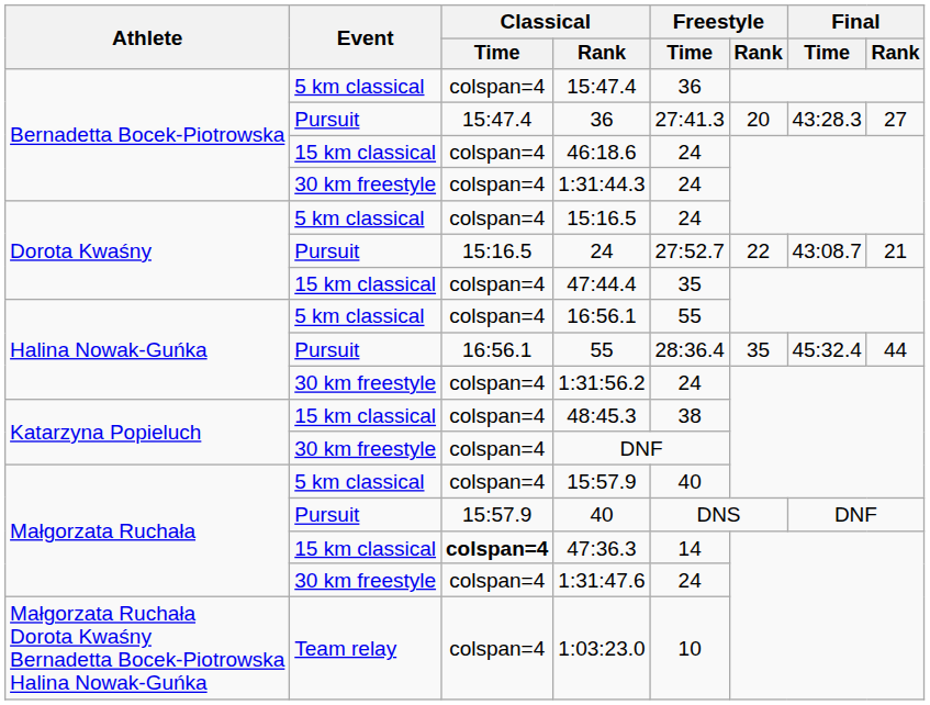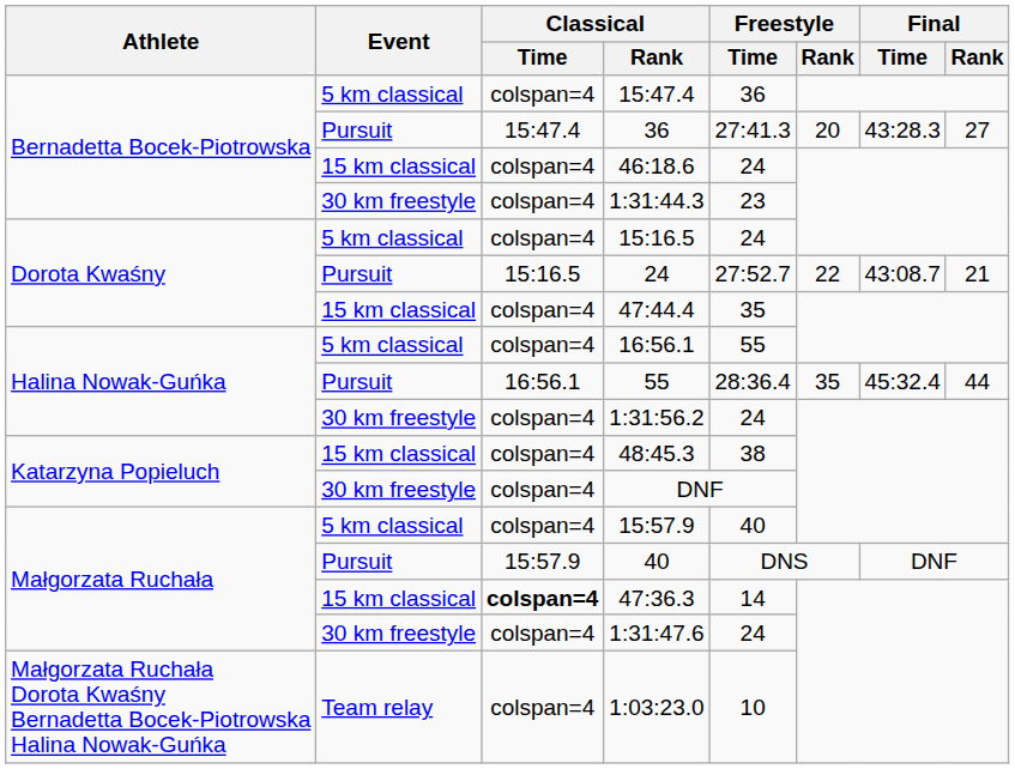 <table class="wikitable" style="font-size:90%">
 <tr>
 <th rowspan=2>Athlete</th>
 <th rowspan=2>Event</th>
 <th colspan=2>Classical</th>
 <th colspan=2>Freestyle</th>
 <th colspan=2>Final</th>
 </tr>
 <tr style="font-size: 95%">
 <th>Time</th>
 <th>Rank</th>
 <th>Time</th>
 <th>Rank</th>
 <th>Time</th>
 <th>Rank</th>
 </tr>
 <tr align=center>
 <td align=left rowspan=4><a href='#'>Bernadetta Bocek-Piotrowska</a></td>
 <td align=left><a href='#'>5 km classical</a></td>
 <td>colspan=4 </td>
 <td>15:47.4</td>
 <td>36</td>
 </tr>
 <tr align=center>
 <td align=left><a href='#'>Pursuit</a></td>
 <td>15:47.4</td>
 <td>36</td>
 <td>27:41.3</td>
 <td>20</td>
 <td>43:28.3</td>
 <td>27</td>
 </tr>
 <tr align=center>
 <td align=left rowspan=1><a href='#'>15 km classical</a></td>
 <td>colspan=4 </td>
 <td>46:18.6</td>
 <td>24</td>
 </tr>
 <tr align=center>
 <td align=left rowspan=1><a href='#'>30 km freestyle</a></td>
 <td>colspan=4 </td>
 <td>1:31:44.3</td>
-<td>24</td>
+<td>23</td>
 </tr>
 <tr align=center>
 <td align=left rowspan=3><a href='#'>Dorota Kwaśny</a></td>
 <td align=left><a href='#'>5 km classical</a></td>
 <td>colspan=4 </td>
 <td>15:16.5</td>
 <td>24</td>
 </tr>
 <tr align=center>
 <td align=left><a href='#'>Pursuit</a></td>
 <td>15:16.5</td>
 <td>24</td>
 <td>27:52.7</td>
 <td>22</td>
 <td>43:08.7</td>
 <td>21</td>
 </tr>
 <tr align=center>
 <td align=left rowspan=1><a href='#'>15 km classical</a></td>
 <td>colspan=4 </td>
 <td>47:44.4</td>
 <td>35</td>
 </tr>
 <tr align=center>
 <td align=left rowspan=3><a href='#'>Halina Nowak-Guńka</a></td>
 <td align=left><a href='#'>5 km classical</a></td>
 <td>colspan=4 </td>
 <td>16:56.1</td>
 <td>55</td>
 </tr>
 <tr align=center>
 <td align=left><a href='#'>Pursuit</a></td>
 <td>16:56.1</td>
 <td>55</td>
 <td>28:36.4</td>
 <td>35</td>
 <td>45:32.4</td>
 <td>44</td>
 </tr>
 <tr align=center>
 <td align=left rowspan=1><a href='#'>30 km freestyle</a></td>
 <td>colspan=4 </td>
 <td>1:31:56.2</td>
 <td>24</td>
 </tr>
 <tr align=center>
 <td align=left rowspan=2><a href='#'>Katarzyna Popieluch</a></td>
 <td align=left rowspan=1><a href='#'>15 km classical</a></td>
 <td>colspan=4 </td>
 <td>48:45.3</td>
 <td>38</td>
 </tr>
 <tr align=center>
 <td align=left rowspan=1><a href='#'>30 km freestyle</a></td>
 <td>colspan=4 </td>
 <td colspan=2>DNF</td>
 </tr>
 <tr align=center>
 <td align=left rowspan=4><a href='#'>Małgorzata Ruchała</a></td>
 <td align=left><a href='#'>5 km classical</a></td>
 <td>colspan=4 </td>
 <td>15:57.9</td>
 <td>40</td>
 </tr>
 <tr align=center>
 <td align=left><a href='#'>Pursuit</a></td>
 <td>15:57.9</td>
 <td>40</td>
 <td colspan=2>DNS</td>
 <td colspan=2>DNF</td>
 </tr>
 <tr align=center>
 <td align=left rowspan=1><a href='#'>15 km classical</a></td>
 <td><strong>colspan=4 </strong></td>
 <td>47:36.3</td>
 <td>14</td>
 </tr>
 <tr align=center>
 <td align=left rowspan=1><a href='#'>30 km freestyle</a></td>
 <td>colspan=4 </td>
 <td>1:31:47.6</td>
 <td>24</td>
 </tr>
 <tr align=center>
 <td align=left rowspan=1><a href='#'>Małgorzata Ruchała</a><br><a href='#'>Dorota Kwaśny</a><br><a href='#'>Bernadetta Bocek-Piotrowska</a><br><a href='#'>Halina Nowak-Guńka</a></td>
 <td align=left><a href='#'>Team relay</a></td>
 <td>colspan=4 </td>
 <td>1:03:23.0</td>
 <td>10</td>
 </tr>
 </table>
